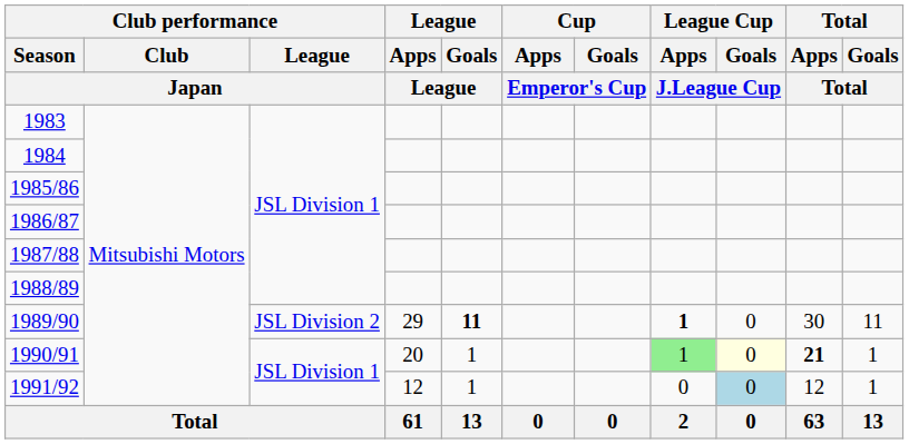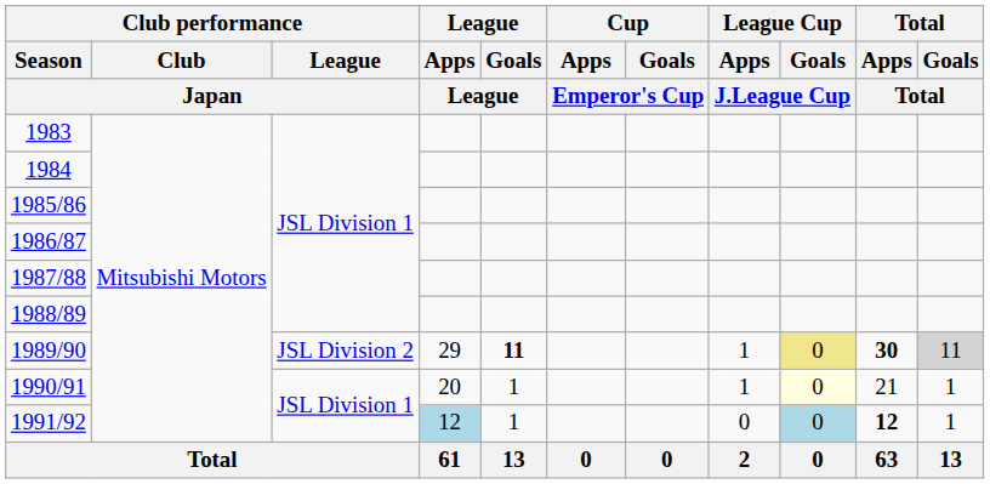 <table class="wikitable" style="text-align:center;">
 <tr>
 <th colspan=3>Club performance</th>
 <th colspan=2>League</th>
 <th colspan=2>Cup</th>
 <th colspan=2>League Cup</th>
 <th colspan=2>Total</th>
 </tr>
 <tr>
 <th>Season</th>
 <th>Club</th>
 <th>League</th>
 <th>Apps</th>
 <th>Goals</th>
 <th>Apps</th>
 <th>Goals</th>
 <th>Apps</th>
 <th>Goals</th>
 <th>Apps</th>
 <th>Goals</th>
 </tr>
 <tr>
 <th colspan=3>Japan</th>
 <th colspan=2>League</th>
 <th colspan=2><a href='#'>Emperor's Cup</a></th>
 <th colspan=2><a href='#'>J.League Cup</a></th>
 <th colspan=2>Total</th>
 </tr>
 <tr>
 <td><a href='#'>1983</a></td>
 <td rowspan="9"><a href='#'>Mitsubishi Motors</a></td>
 <td rowspan="6"><a href='#'>JSL Division 1</a></td>
 <td></td>
 <td></td>
 <td></td>
 <td></td>
 <td></td>
 <td></td>
 <td></td>
 <td></td>
 </tr>
 <tr>
 <td><a href='#'>1984</a></td>
 <td></td>
 <td></td>
 <td></td>
 <td></td>
 <td></td>
 <td></td>
 <td></td>
 <td></td>
 </tr>
 <tr>
 <td><a href='#'>1985/86</a></td>
 <td></td>
 <td></td>
 <td></td>
 <td></td>
 <td></td>
 <td></td>
 <td></td>
 <td></td>
 </tr>
 <tr>
 <td><a href='#'>1986/87</a></td>
 <td></td>
 <td></td>
 <td></td>
 <td></td>
 <td></td>
 <td></td>
 <td></td>
 <td></td>
 </tr>
 <tr>
 <td><a href='#'>1987/88</a></td>
 <td></td>
 <td></td>
 <td></td>
 <td></td>
 <td></td>
 <td></td>
 <td></td>
 <td></td>
 </tr>
 <tr>
 <td><a href='#'>1988/89</a></td>
 <td></td>
 <td></td>
 <td></td>
 <td></td>
 <td></td>
 <td></td>
 <td></td>
 <td></td>
 </tr>
 <tr>
 <td><a href='#'>1989/90</a></td>
 <td><a href='#'>JSL Division 2</a></td>
 <td>29</td>
 <td><strong>11</strong></td>
 <td></td>
 <td></td>
-<td><strong>1</strong></td>
-<td>0</td>
-<td>30</td>
-<td>11</td>
+<td>1</td>
+<td style="background: khaki;">0</td>
+<td><strong>30</strong></td>
+<td style="background: lightgrey;">11</td>
 </tr>
 <tr>
 <td><a href='#'>1990/91</a></td>
 <td rowspan="2"><a href='#'>JSL Division 1</a></td>
 <td>20</td>
 <td>1</td>
 <td></td>
 <td></td>
-<td style="background: lightgreen;">1</td>
+<td>1</td>
 <td style="background: lightyellow;">0</td>
-<td><strong>21</strong></td>
+<td>21</td>
 <td>1</td>
 </tr>
 <tr>
 <td><a href='#'>1991/92</a></td>
-<td>12</td>
+<td style="background: lightblue;">12</td>
 <td>1</td>
 <td></td>
 <td></td>
 <td>0</td>
 <td style="background: lightblue;">0</td>
-<td>12</td>
+<td><strong>12</strong></td>
 <td>1</td>
 </tr>
 <tr>
 <th colspan=3>Total</th>
 <th>61</th>
 <th>13</th>
 <th>0</th>
 <th>0</th>
 <th>2</th>
 <th>0</th>
 <th>63</th>
 <th>13</th>
 </tr>
 </table>
